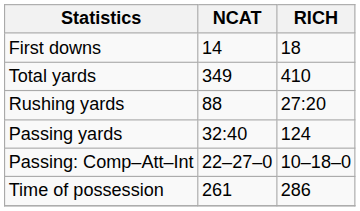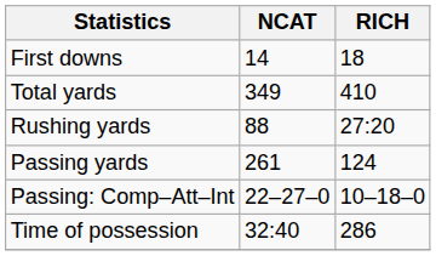 <table class="wikitable" style="float: left;">
 <tr>
 <th>Statistics</th>
 <th>NCAT</th>
 <th>RICH</th>
 </tr>
 <tr>
 <td>First downs</td>
 <td>14</td>
 <td>18</td>
 </tr>
 <tr>
 <td>Total yards</td>
 <td>349</td>
 <td>410</td>
 </tr>
 <tr>
 <td>Rushing yards</td>
 <td>88</td>
 <td>27:20</td>
 </tr>
 <tr>
 <td>Passing yards</td>
-<td>32:40</td>
+<td>261</td>
 <td>124</td>
 </tr>
 <tr>
 <td>Passing: Comp–Att–Int</td>
 <td>22–27–0</td>
 <td>10–18–0</td>
 </tr>
 <tr>
 <td>Time of possession</td>
-<td>261</td>
+<td>32:40</td>
 <td>286</td>
 </tr>
 <tr>
 </tr>
 </table>
